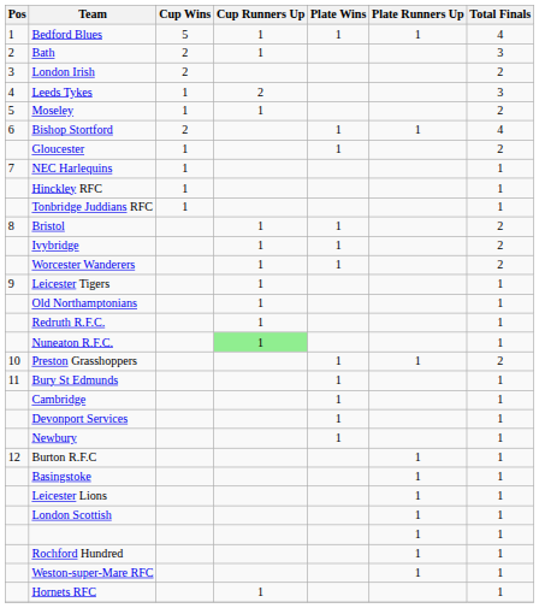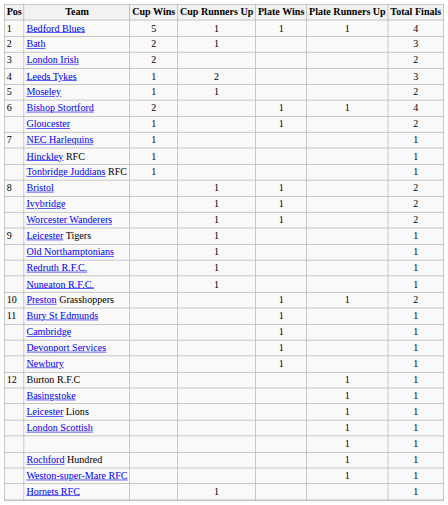 <table class="wikitable" style="text-align:center">
 <tr>
 <th>Pos</th>
 <th>Team</th>
 <th>Cup Wins</th>
 <th>Cup Runners Up</th>
 <th>Plate Wins</th>
 <th>Plate Runners Up</th>
 <th>Total Finals</th>
 </tr>
 <tr>
 <td align="left">1</td>
 <td align="left"><a href='#'>Bedford Blues</a></td>
 <td>5</td>
 <td>1</td>
 <td>1</td>
 <td>1</td>
 <td>4</td>
 </tr>
 <tr>
 <td align="left">2</td>
 <td align="left"><a href='#'>Bath</a></td>
 <td>2</td>
 <td>1</td>
 <td></td>
 <td></td>
 <td>3</td>
 </tr>
 <tr>
 <td align="left">3</td>
 <td align="left"><a href='#'>London Irish</a></td>
 <td>2</td>
 <td></td>
 <td></td>
 <td></td>
 <td>2</td>
 </tr>
 <tr>
 <td align="left">4</td>
 <td align="left"><a href='#'>Leeds Tykes</a></td>
 <td>1</td>
 <td>2</td>
 <td></td>
 <td></td>
 <td>3</td>
 </tr>
 <tr>
 <td align="left">5</td>
 <td align="left"><a href='#'>Moseley</a></td>
 <td>1</td>
 <td>1</td>
 <td></td>
 <td></td>
 <td>2</td>
 </tr>
 <tr>
 <td align="left">6</td>
 <td align="left"><a href='#'>Bishop Stortford</a></td>
 <td>2</td>
 <td></td>
 <td>1</td>
 <td>1</td>
 <td>4</td>
 </tr>
 <tr>
 <td></td>
 <td align="left"><a href='#'>Gloucester</a></td>
 <td>1</td>
 <td></td>
 <td>1</td>
 <td></td>
 <td>2</td>
 </tr>
 <tr>
 <td align="left">7</td>
 <td align="left"><a href='#'>NEC Harlequins</a></td>
 <td>1</td>
 <td></td>
 <td></td>
 <td></td>
 <td>1</td>
 </tr>
 <tr>
 <td align="left"></td>
 <td align="left"><a href='#'>Hinckley</a> RFC</td>
 <td>1</td>
 <td></td>
 <td></td>
 <td></td>
 <td>1</td>
 </tr>
 <tr>
 <td align="left"></td>
 <td align="left"><a href='#'>Tonbridge Juddians</a> RFC</td>
 <td>1</td>
 <td></td>
 <td></td>
 <td></td>
 <td>1</td>
 </tr>
 <tr>
 <td align="left">8</td>
 <td align="left"><a href='#'>Bristol</a></td>
 <td></td>
 <td>1</td>
 <td>1</td>
 <td></td>
 <td>2</td>
 </tr>
 <tr>
 <td align="left"></td>
 <td align="left"><a href='#'>Ivybridge</a></td>
 <td></td>
 <td>1</td>
 <td>1</td>
 <td></td>
 <td>2</td>
 </tr>
 <tr>
 <td></td>
 <td align="left"><a href='#'>Worcester Wanderers</a></td>
 <td></td>
 <td>1</td>
 <td>1</td>
 <td></td>
 <td>2</td>
 </tr>
 <tr>
 <td align="left">9</td>
 <td align="left"><a href='#'>Leicester</a> Tigers</td>
 <td></td>
 <td>1</td>
 <td></td>
 <td></td>
 <td>1</td>
 </tr>
 <tr>
 <td></td>
 <td align="left"><a href='#'>Old Northamptonians</a></td>
 <td></td>
 <td>1</td>
 <td></td>
 <td></td>
 <td>1</td>
 </tr>
 <tr>
 <td></td>
 <td align="left"><a href='#'>Redruth R.F.C.</a></td>
 <td></td>
 <td>1</td>
 <td></td>
 <td></td>
 <td>1</td>
 </tr>
 <tr>
 <td></td>
 <td align="left"><a href='#'>Nuneaton R.F.C.</a></td>
 <td></td>
-<td style="background: lightgreen;">1</td>
+<td>1</td>
 <td></td>
 <td></td>
 <td>1</td>
 </tr>
 <tr>
 <td align="left">10</td>
 <td align="left"><a href='#'>Preston</a> Grasshoppers</td>
 <td></td>
 <td></td>
 <td>1</td>
 <td>1</td>
 <td>2</td>
 </tr>
 <tr>
 <td align="left">11</td>
 <td align="left"><a href='#'>Bury St Edmunds</a></td>
 <td></td>
 <td></td>
 <td>1</td>
 <td></td>
 <td>1</td>
 </tr>
 <tr>
 <td></td>
 <td align="left"><a href='#'>Cambridge</a></td>
 <td></td>
 <td></td>
 <td>1</td>
 <td></td>
 <td>1</td>
 </tr>
 <tr>
 <td></td>
 <td align="left"><a href='#'>Devonport Services</a></td>
 <td></td>
 <td></td>
 <td>1</td>
 <td></td>
 <td>1</td>
 </tr>
 <tr>
 <td></td>
 <td align="left"><a href='#'>Newbury</a></td>
 <td></td>
 <td></td>
 <td>1</td>
 <td></td>
 <td>1</td>
 </tr>
 <tr>
 <td align="left">12</td>
 <td align="left">Burton R.F.C</td>
 <td></td>
 <td></td>
 <td></td>
 <td>1</td>
 <td>1</td>
 </tr>
 <tr>
 <td></td>
 <td align="left"><a href='#'>Basingstoke</a></td>
 <td></td>
 <td></td>
 <td></td>
 <td>1</td>
 <td>1</td>
 </tr>
 <tr>
 <td></td>
 <td align="left"><a href='#'>Leicester</a> Lions</td>
 <td></td>
 <td></td>
 <td></td>
 <td>1</td>
 <td>1</td>
 </tr>
 <tr>
 <td></td>
 <td align="left"><a href='#'>London Scottish</a></td>
 <td></td>
 <td></td>
 <td></td>
 <td>1</td>
 <td>1</td>
 </tr>
 <tr>
 <td></td>
 <td align="left"></td>
 <td></td>
 <td></td>
 <td></td>
 <td>1</td>
 <td>1</td>
 </tr>
 <tr>
 <td></td>
 <td align="left"><a href='#'>Rochford</a> Hundred</td>
 <td></td>
 <td></td>
 <td></td>
 <td>1</td>
 <td>1</td>
 </tr>
 <tr>
 <td></td>
 <td align="left"><a href='#'>Weston-super-Mare RFC</a></td>
 <td></td>
 <td></td>
 <td></td>
 <td>1</td>
 <td>1</td>
 </tr>
 <tr>
 <td></td>
 <td align="left"><a href='#'>Hornets RFC</a></td>
 <td></td>
 <td>1</td>
 <td></td>
 <td></td>
 <td>1</td>
 </tr>
 <tr>
 </tr>
 </table>
